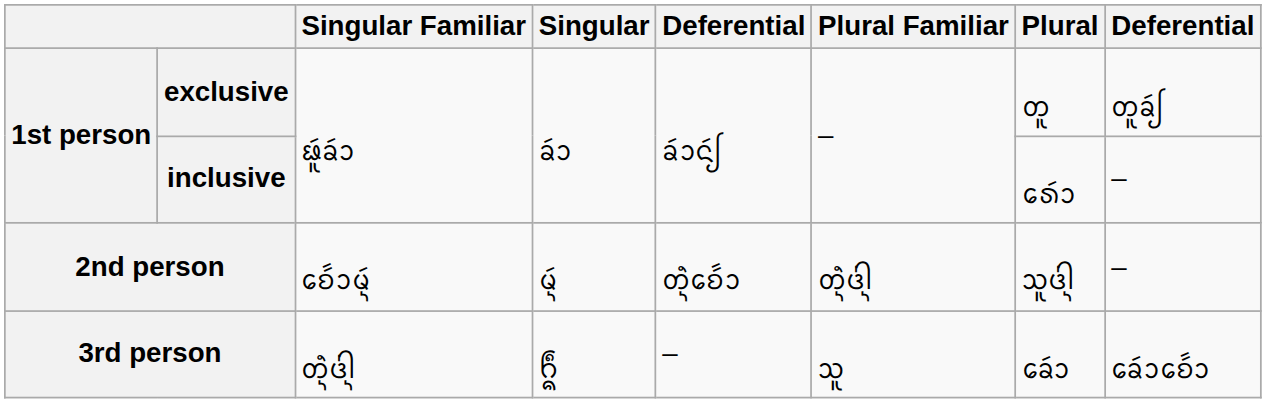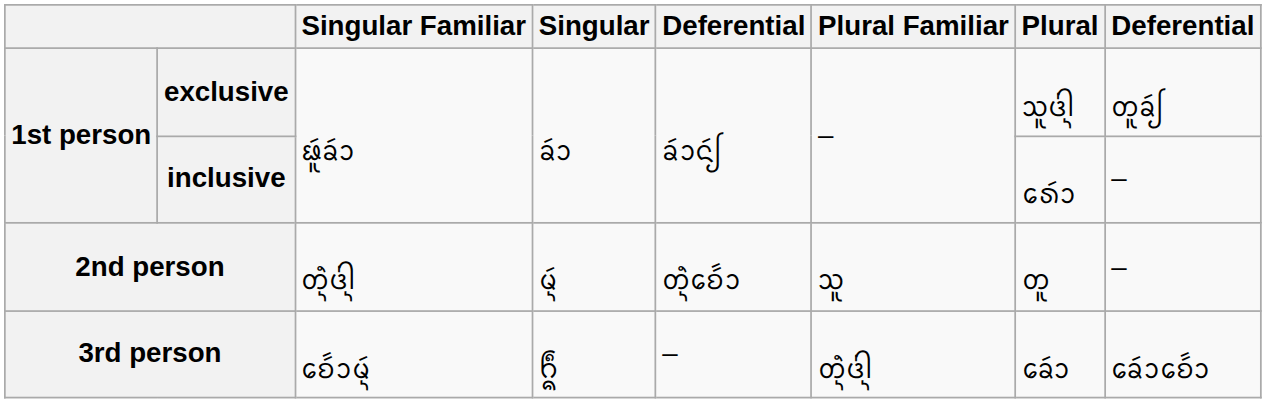 <table class="wikitable">
 <tr>
 <th colspan=2></th>
 <th>Singular Familiar</th>
 <th>Singular</th>
 <th>Deferential</th>
 <th>Plural Familiar</th>
 <th>Plural</th>
 <th>Deferential</th>
 </tr>
 <tr>
 <th rowspan=2>1st person</th>
 <th>exclusive</th>
 <td rowspan=2><br>ᨹᩪᩢᨡᩢᩣ<br></td>
 <td rowspan=2><br>ᨡᩢᩣ<br></td>
 <td rowspan=2><br>ᨡᩢᩣᨶᩢᩭ<br></td>
 <td rowspan=2>–</td>
-<td><br>ᨲᩪ<br></td>
+<td><br>ᩈᩪᨴ᩵ᩤ᩠ᨶ<br></td>
 <td><br>ᨲᩪᨡᩢᩭ<br></td>
 </tr>
 <tr>
 <th>inclusive</th>
 <td><br>ᩁᩮᩢᩣ<br></td>
 <td>–</td>
 </tr>
 <tr>
 <th colspan=2>2nd person</th>
-<td><br>ᨧᩮᩢᩢᩣᨾᩢ᩠ᨶ<br></td>
+<td><br>ᨲᩫ᩠ᨶᨴ᩵ᩤ᩠ᨶ<br></td>
 <td><br>ᨾᩢ᩠ᨶ<br></td>
 <td><br>ᨲᩫ᩠ᨶᨧᩮᩢᩢᩣ<br></td>
-<td><br>ᨲᩫ᩠ᨶᨴ᩵ᩤ᩠ᨶ<br></td>
-<td><br>ᩈᩪᨴ᩵ᩤ᩠ᨶ<br></td>
+<td><br>ᩈᩪ<br></td>
+<td><br>ᨲᩪ<br></td>
 <td>–</td>
 </tr>
 <tr>
 <th colspan=2>3rd person</th>
-<td><br>ᨲᩫ᩠ᨶᨴ᩵ᩤ᩠ᨶ<br></td>
+<td><br>ᨧᩮᩢᩢᩣᨾᩢ᩠ᨶ<br></td>
 <td><br>ᨤᩥ᩠ᨦ<br></td>
 <td>–</td>
-<td><br>ᩈᩪ<br></td>
+<td><br>ᨲᩫ᩠ᨶᨴ᩵ᩤ᩠ᨶ<br></td>
 <td><br>ᨡᩮᩢᩣ<br></td>
 <td><br>ᨡᩮᩢᩣᨧᩮᩢ᩶ᩣ<br></td>
 </tr>
 </table>
